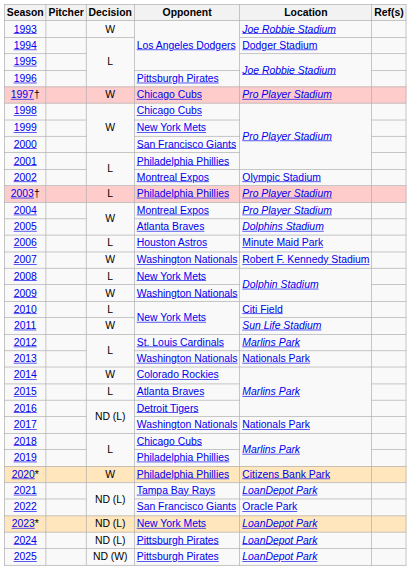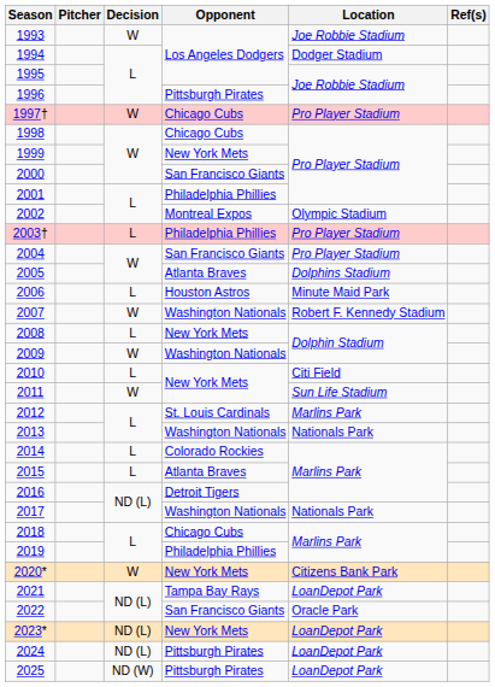 <table class="wikitable sortable plainrowheaders">
 <tr>
 <th scope="col">Season</th>
 <th scope="col">Pitcher</th>
 <th scope="col">Decision</th>
 <th scope="col">Opponent</th>
 <th scope="col">Location</th>
 <th class="unsortable">Ref(s)</th>
 </tr>
 <tr>
 <td align="center"><a href='#'>1993</a></td>
 <td></td>
 <td align="center">W</td>
 <td rowspan="3"><a href='#'>Los Angeles Dodgers</a></td>
 <td><em><a href='#'>Joe Robbie Stadium</a></em></td>
 <td align="center"></td>
 </tr>
 <tr>
 <td align="center"><a href='#'>1994</a></td>
 <td> </td>
 <td rowspan="3" align="center">L</td>
 <td><a href='#'>Dodger Stadium</a></td>
 <td align="center"></td>
 </tr>
 <tr>
 <td align="center"><a href='#'>1995</a></td>
 <td></td>
 <td rowspan="2"><em><a href='#'>Joe Robbie Stadium</a></em></td>
 <td align="center"></td>
 </tr>
 <tr>
 <td align="center"><a href='#'>1996</a></td>
 <td></td>
 <td><a href='#'>Pittsburgh Pirates</a></td>
 <td align="center"></td>
 </tr>
 <tr>
 <td style="background-color: #FFCCCC" align="center"><a href='#'>1997</a>†</td>
 <td style="background-color: #FFCCCC"> </td>
 <td style="background-color: #FFCCCC" align="center">W</td>
 <td style="background-color: #FFCCCC"><a href='#'>Chicago Cubs</a></td>
 <td style="background-color: #FFCCCC"><em><a href='#'>Pro Player Stadium</a></em></td>
 <td style="background-color: #FFCCCC" align="center"></td>
 </tr>
 <tr>
 <td align="center"><a href='#'>1998</a></td>
 <td></td>
 <td rowspan="3" align="center">W</td>
 <td><a href='#'>Chicago Cubs</a></td>
 <td rowspan="4"><em><a href='#'>Pro Player Stadium</a></em></td>
 <td align="center"></td>
 </tr>
 <tr>
 <td align="center"><a href='#'>1999</a></td>
 <td></td>
 <td><a href='#'>New York Mets</a></td>
 <td align="center"></td>
 </tr>
 <tr>
 <td align="center"><a href='#'>2000</a></td>
 <td> </td>
 <td><a href='#'>San Francisco Giants</a></td>
 <td align="center"></td>
 </tr>
 <tr>
 <td align="center"><a href='#'>2001</a></td>
 <td></td>
 <td rowspan="2" align="center">L</td>
 <td><a href='#'>Philadelphia Phillies</a></td>
 <td align="center"></td>
 </tr>
 <tr>
 <td align="center"><a href='#'>2002</a></td>
 <td> </td>
 <td><a href='#'>Montreal Expos</a></td>
 <td><a href='#'>Olympic Stadium</a></td>
 <td align="center"></td>
 </tr>
 <tr>
 <td style="background-color: #FFCCCC" align="center"><a href='#'>2003</a>†</td>
 <td style="background-color: #FFCCCC"></td>
 <td style="background-color: #FFCCCC" align="center">L</td>
 <td style="background-color: #FFCCCC"><a href='#'>Philadelphia Phillies</a></td>
 <td style="background-color: #FFCCCC"><em><a href='#'>Pro Player Stadium</a></em></td>
 <td style="background-color: #FFCCCC" align="center"></td>
 </tr>
 <tr>
 <td align="center"><a href='#'>2004</a></td>
 <td> </td>
 <td rowspan="2" align="center">W</td>
-<td><a href='#'>Montreal Expos</a></td>
+<td><a href='#'>San Francisco Giants</a></td>
 <td><em><a href='#'>Pro Player Stadium</a></em></td>
 <td align="center"></td>
 </tr>
 <tr>
 <td align="center"><a href='#'>2005</a></td>
 <td> </td>
 <td><a href='#'>Atlanta Braves</a></td>
 <td><em><a href='#'>Dolphins Stadium</a></em></td>
 <td align="center"></td>
 </tr>
 <tr>
 <td align="center"><a href='#'>2006</a></td>
 <td></td>
 <td align="center">L</td>
 <td><a href='#'>Houston Astros</a></td>
 <td><a href='#'>Minute Maid Park</a></td>
 <td align="center"></td>
 </tr>
 <tr>
 <td align="center"><a href='#'>2007</a></td>
 <td> </td>
 <td align="center">W</td>
 <td><a href='#'>Washington Nationals</a></td>
 <td><a href='#'>Robert F. Kennedy Stadium</a></td>
 <td align="center"></td>
 </tr>
 <tr>
 <td align="center"><a href='#'>2008</a></td>
 <td></td>
 <td align="center">L</td>
 <td><a href='#'>New York Mets</a></td>
 <td rowspan="2"><em><a href='#'>Dolphin Stadium</a></em></td>
 <td align="center"></td>
 </tr>
 <tr>
 <td align="center"><a href='#'>2009</a></td>
 <td></td>
 <td align="center">W</td>
 <td><a href='#'>Washington Nationals</a></td>
 <td align="center"></td>
 </tr>
 <tr>
 <td align="center"><a href='#'>2010</a></td>
 <td></td>
 <td align="center">L</td>
 <td rowspan="2"><a href='#'>New York Mets</a></td>
 <td><a href='#'>Citi Field</a></td>
 <td align="center"></td>
 </tr>
 <tr>
 <td align="center"><a href='#'>2011</a></td>
 <td> </td>
 <td align="center">W</td>
 <td><em><a href='#'>Sun Life Stadium</a></em></td>
 <td align="center"></td>
 </tr>
 <tr>
 <td align="center"><a href='#'>2012</a></td>
 <td> </td>
 <td rowspan="2" align="center">L</td>
 <td><a href='#'>St. Louis Cardinals</a></td>
 <td><em><a href='#'>Marlins Park</a></em></td>
 <td align="center"></td>
 </tr>
 <tr>
 <td align="center"><a href='#'>2013</a></td>
 <td> </td>
 <td><a href='#'>Washington Nationals</a></td>
 <td><a href='#'>Nationals Park</a></td>
 <td align="center"></td>
 </tr>
 <tr>
 <td align="center"><a href='#'>2014</a></td>
 <td></td>
-<td align="center">W</td>
+<td align="center">L</td>
 <td><a href='#'>Colorado Rockies</a></td>
 <td rowspan="3"><em><a href='#'>Marlins Park</a></em></td>
 <td align="center"></td>
 </tr>
 <tr>
 <td align="center"><a href='#'>2015</a></td>
 <td></td>
 <td align="center">L</td>
 <td><a href='#'>Atlanta Braves</a></td>
 <td align="center"></td>
 </tr>
 <tr>
 <td align="center"><a href='#'>2016</a></td>
 <td></td>
 <td rowspan="2" align="center">ND (L)</td>
 <td><a href='#'>Detroit Tigers</a></td>
 <td align="center"></td>
 </tr>
 <tr>
 <td align="center"><a href='#'>2017</a></td>
 <td></td>
 <td><a href='#'>Washington Nationals</a></td>
 <td><a href='#'>Nationals Park</a></td>
 <td align="center"></td>
 </tr>
 <tr>
 <td align="center"><a href='#'>2018</a></td>
 <td></td>
 <td rowspan="2" align="center">L</td>
 <td><a href='#'>Chicago Cubs</a></td>
 <td rowspan="2"><em><a href='#'>Marlins Park</a></em></td>
 <td align="center"></td>
 </tr>
 <tr>
 <td align="center"><a href='#'>2019</a></td>
 <td> </td>
 <td><a href='#'>Philadelphia Phillies</a></td>
 <td align="center"></td>
 </tr>
 <tr>
 <td style="background-color: #FFE6BD" align="center"><a href='#'>2020</a>*</td>
 <td style="background-color: #FFE6BD"></td>
 <td style="background-color: #FFE6BD" align="center">W</td>
-<td style="background-color: #FFE6BD"><a href='#'>Philadelphia Phillies</a></td>
+<td style="background-color: #FFE6BD"><a href='#'>New York Mets</a></td>
 <td style="background-color: #FFE6BD"><a href='#'>Citizens Bank Park</a></td>
 <td style="background-color: #FFE6BD" align="center"></td>
 </tr>
 <tr>
 <td align="center"><a href='#'>2021</a></td>
 <td> </td>
 <td rowspan="2" align="center">ND (L)</td>
 <td><a href='#'>Tampa Bay Rays</a></td>
 <td><em><a href='#'>LoanDepot Park</a></em></td>
 <td align="center"></td>
 </tr>
 <tr>
 <td align="center"><a href='#'>2022</a></td>
 <td> </td>
 <td><a href='#'>San Francisco Giants</a></td>
 <td><a href='#'>Oracle Park</a></td>
 <td align="center"></td>
 </tr>
 <tr>
 <td style="background-color: #FFE6BD" align="center"><a href='#'>2023</a>*</td>
 <td style="background-color: #FFE6BD"> </td>
 <td style="background-color: #FFE6BD" align="center">ND (L)</td>
 <td style="background-color: #FFE6BD"><a href='#'>New York Mets</a></td>
 <td style="background-color: #FFE6BD"><em><a href='#'>LoanDepot Park</a></em></td>
 <td style="background-color: #FFE6BD" align="center"></td>
 </tr>
 <tr>
 <td align="center"><a href='#'>2024</a></td>
 <td></td>
 <td align="center">ND (L)</td>
 <td><a href='#'>Pittsburgh Pirates</a></td>
 <td><em><a href='#'>LoanDepot Park</a></em></td>
 <td align="center"></td>
 </tr>
 <tr>
 <td align="center"><a href='#'>2025</a></td>
 <td> </td>
 <td align="center">ND (W)</td>
 <td><a href='#'>Pittsburgh Pirates</a></td>
 <td><em><a href='#'>LoanDepot Park</a></em></td>
 <td align="center"></td>
 </tr>
 </table>
